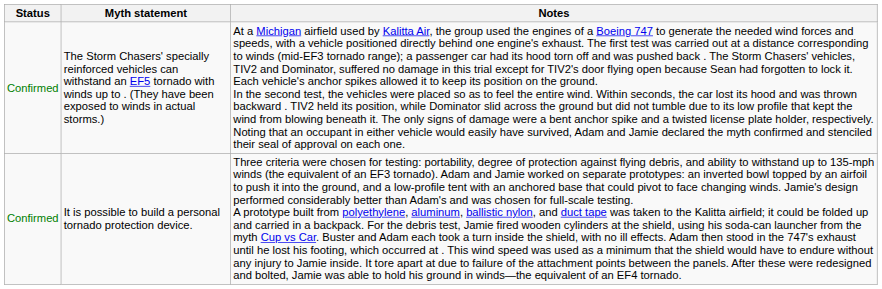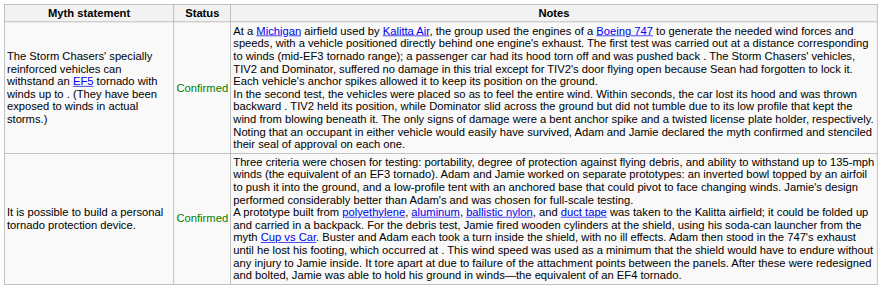 <table class="wikitable plainrowheaders">
 <tr>
+<th>Myth statement</th>
 <th>Status</th>
-<th>Myth statement</th>
 <th>Notes</th>
 </tr>
 <tr>
+<td>The Storm Chasers' specially reinforced vehicles can withstand an <a href='#'>EF5</a> tornado with winds up to . (They have been exposed to  winds in actual storms.)</td>
 <td style="color:green">Confirmed</td>
-<td>The Storm Chasers' specially reinforced vehicles can withstand an <a href='#'>EF5</a> tornado with winds up to . (They have been exposed to  winds in actual storms.)</td>
 <td>At a <a href='#'>Michigan</a> airfield used by <a href='#'>Kalitta Air</a>, the group used the engines of a <a href='#'>Boeing 747</a> to generate the needed wind forces and speeds, with a vehicle positioned directly behind one engine's exhaust. The first test was carried out at a distance corresponding to  winds (mid-EF3 tornado range); a passenger car had its hood torn off and was pushed back . The Storm Chasers' vehicles, TIV2 and Dominator, suffered no damage in this trial except for TIV2's door flying open because Sean had forgotten to lock it. Each vehicle's anchor spikes allowed it to keep its position on the ground.<br>In the second test, the vehicles were placed so as to feel the entire  wind. Within seconds, the car lost its hood and was thrown backward . TIV2 held its position, while Dominator slid across the ground but did not tumble due to its low profile that kept the wind from blowing beneath it. The only signs of damage were a bent anchor spike and a twisted license plate holder, respectively. Noting that an occupant in either vehicle would easily have survived, Adam and Jamie declared the myth confirmed and stenciled their seal of approval on each one.</td>
 </tr>
 <tr>
+<td>It is possible to build a personal tornado protection device.</td>
 <td style="color:green">Confirmed</td>
-<td>It is possible to build a personal tornado protection device.</td>
 <td>Three criteria were chosen for testing: portability, degree of protection against flying debris, and ability to withstand up to 135-mph winds (the equivalent of an EF3 tornado). Adam and Jamie worked on separate prototypes: an inverted bowl topped by an airfoil to push it into the ground, and a low-profile tent with an anchored base that could pivot to face changing winds. Jamie's design performed considerably better than Adam's and was chosen for full-scale testing.<br>A prototype built from <a href='#'>polyethylene</a>, <a href='#'>aluminum</a>, <a href='#'>ballistic nylon</a>, and <a href='#'>duct tape</a> was taken to the Kalitta airfield; it could be folded up and carried in a backpack. For the debris test, Jamie fired wooden cylinders at the shield, using his soda-can launcher from the myth <a href='#'>Cup vs Car</a>. Buster and Adam each took a turn inside the shield, with no ill effects. Adam then stood in the 747's exhaust until he lost his footing, which occurred at . This wind speed was used as a minimum that the shield would have to endure without any injury to Jamie inside. It tore apart at  due to failure of the attachment points between the panels. After these were redesigned and bolted, Jamie was able to hold his ground in  winds—the equivalent of an EF4 tornado. </td>
 </tr>
 </table>
